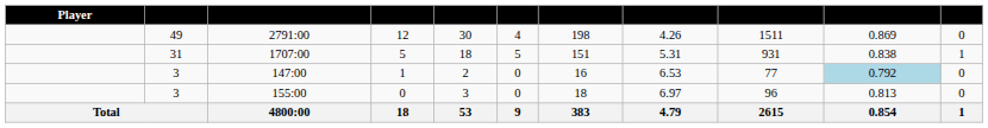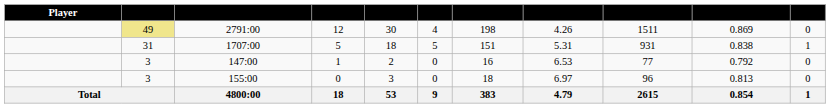 <table class="wikitable sortable" style="width:100%; text-align:center;">
 <tr>
 <th style="color:white; background:#000000; ">Player</th>
 <th style="color:white; background:#000000; "></th>
 <th style="color:white; background:#000000; "></th>
 <th style="color:white; background:#000000; "></th>
 <th style="color:white; background:#000000; "></th>
 <th style="color:white; background:#000000; "></th>
 <th style="color:white; background:#000000; "></th>
 <th style="color:white; background:#000000; "></th>
 <th style="color:white; background:#000000; "></th>
 <th style="color:white; background:#000000; "></th>
 <th style="color:white; background:#000000; "></th>
 </tr>
 <tr>
 <td></td>
-<td>49</td>
+<td style="background: khaki;">49</td>
 <td>2791:00</td>
 <td>12</td>
 <td>30</td>
 <td>4</td>
 <td>198</td>
 <td>4.26</td>
 <td>1511</td>
 <td>0.869</td>
 <td>0</td>
 </tr>
 <tr>
 <td></td>
 <td>31</td>
 <td>1707:00</td>
 <td>5</td>
 <td>18</td>
 <td>5</td>
 <td>151</td>
 <td>5.31</td>
 <td>931</td>
 <td>0.838</td>
 <td>1</td>
 </tr>
 <tr>
 <td></td>
 <td>3</td>
 <td>147:00</td>
 <td>1</td>
 <td>2</td>
 <td>0</td>
 <td>16</td>
 <td>6.53</td>
 <td>77</td>
-<td style="background: lightblue;">0.792</td>
+<td>0.792</td>
 <td>0</td>
 </tr>
 <tr>
 <td></td>
 <td>3</td>
 <td>155:00</td>
 <td>0</td>
 <td>3</td>
 <td>0</td>
 <td>18</td>
 <td>6.97</td>
 <td>96</td>
 <td>0.813</td>
 <td>0</td>
 </tr>
 <tr class="sortbottom">
 <th colspan=2>Total</th>
 <th>4800:00</th>
 <th>18</th>
 <th>53</th>
 <th>9</th>
 <th>383</th>
 <th>4.79</th>
 <th>2615</th>
 <th>0.854</th>
 <th>1</th>
 </tr>
 </table>
